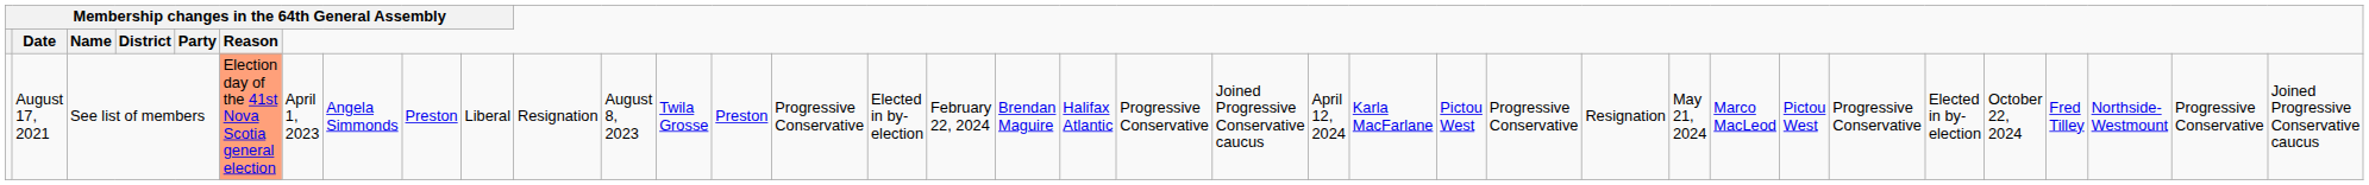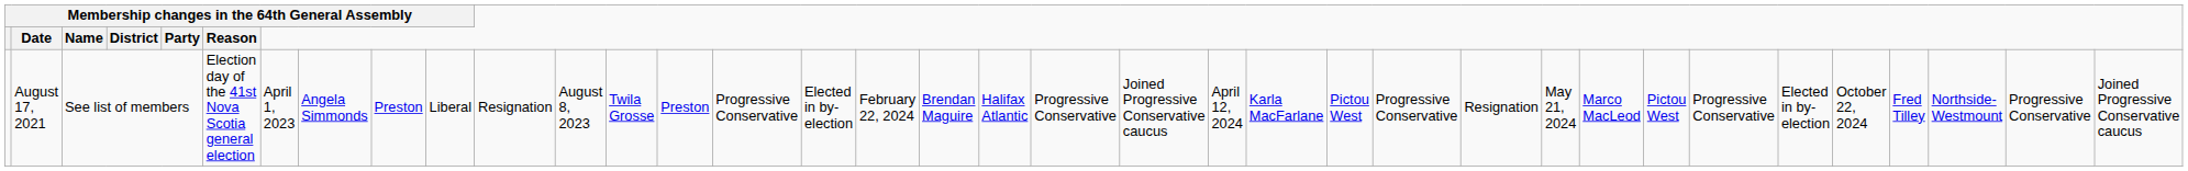 <table class="wikitable">
 <tr>
 <th colspan=10>Membership changes in the 64th General Assembly</th>
 </tr>
 <tr>
 <th></th>
 <th>Date</th>
 <th>Name</th>
 <th>District</th>
 <th>Party</th>
 <th>Reason</th>
 </tr>
 <tr>
 <td></td>
 <td>August 17, 2021</td>
 <td colspan=3>See list of members</td>
-<td style="background: lightsalmon;">Election day of the <a href='#'>41st Nova Scotia general election</a><br></td>
+<td>Election day of the <a href='#'>41st Nova Scotia general election</a><br></td>
 <td>April 1, 2023</td>
 <td><a href='#'>Angela Simmonds</a></td>
 <td><a href='#'>Preston</a></td>
 <td>Liberal</td>
 <td>Resignation<br></td>
 <td>August 8, 2023</td>
 <td><a href='#'>Twila Grosse</a></td>
 <td><a href='#'>Preston</a></td>
 <td>Progressive Conservative</td>
 <td>Elected in by-election<br></td>
 <td>February 22, 2024</td>
 <td><a href='#'>Brendan Maguire</a></td>
 <td><a href='#'>Halifax Atlantic</a></td>
 <td>Progressive Conservative</td>
 <td>Joined Progressive Conservative caucus<br></td>
 <td>April 12, 2024</td>
 <td><a href='#'>Karla MacFarlane</a></td>
 <td><a href='#'>Pictou West</a></td>
 <td>Progressive Conservative</td>
 <td>Resignation<br></td>
 <td>May 21, 2024</td>
 <td><a href='#'>Marco MacLeod</a></td>
 <td><a href='#'>Pictou West</a></td>
 <td>Progressive Conservative</td>
 <td>Elected in by-election<br></td>
 <td>October 22, 2024</td>
 <td><a href='#'>Fred Tilley</a></td>
 <td><a href='#'>Northside-Westmount</a></td>
 <td>Progressive Conservative</td>
 <td>Joined Progressive Conservative caucus</td>
 </tr>
 </table>
